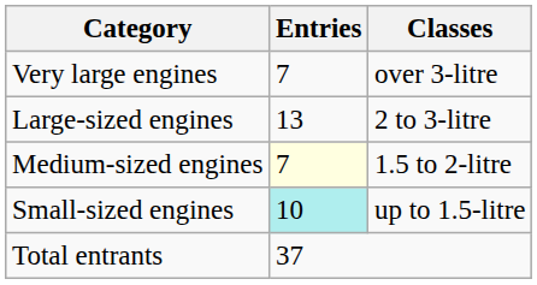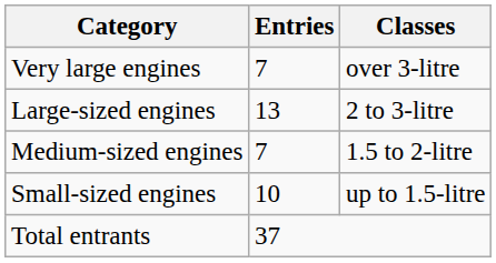 <table class="wikitable" style="font-size: 95%;">
 <tr>
 <th>Category</th>
 <th>Entries</th>
 <th>Classes</th>
 </tr>
 <tr>
 <td>Very large engines</td>
 <td>7</td>
 <td>over 3-litre</td>
 </tr>
 <tr>
 <td>Large-sized engines</td>
 <td>13</td>
 <td>2 to 3-litre</td>
 </tr>
 <tr>
 <td>Medium-sized engines</td>
-<td style="background: lightyellow;">7</td>
+<td>7</td>
 <td>1.5 to 2-litre</td>
 </tr>
 <tr>
 <td>Small-sized engines</td>
-<td style="background: paleturquoise;">10</td>
+<td>10</td>
 <td>up to 1.5-litre</td>
 </tr>
 <tr>
 <td>Total entrants</td>
 <td colspan=2>37</td>
 </tr>
 </table>
